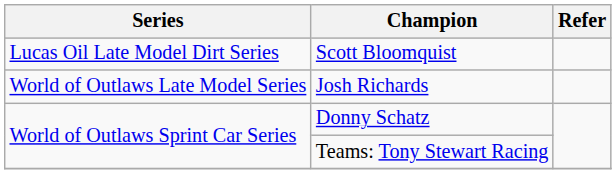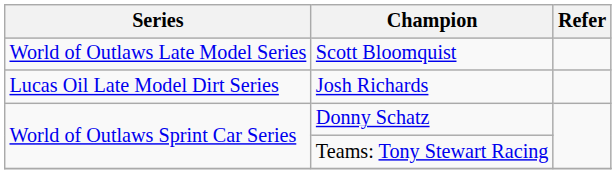 <table class="wikitable" style="font-size:87%;">
 <tr>
 <th>Series</th>
 <th>Champion</th>
 <th>Refer</th>
 </tr>
 <tr>
-<td><a href='#'>Lucas Oil Late Model Dirt Series</a></td>
+<td><a href='#'>World of Outlaws Late Model Series</a></td>
 <td> <a href='#'>Scott Bloomquist</a></td>
 <td></td>
 </tr>
 <tr>
-<td><a href='#'>World of Outlaws Late Model Series</a></td>
+<td><a href='#'>Lucas Oil Late Model Dirt Series</a></td>
 <td> <a href='#'>Josh Richards</a></td>
 <td></td>
 </tr>
 <tr>
 <td rowspan=2><a href='#'>World of Outlaws Sprint Car Series</a></td>
 <td> <a href='#'>Donny Schatz</a></td>
 <td rowspan=2></td>
 </tr>
 <tr>
 <td>Teams:  <a href='#'>Tony Stewart Racing</a></td>
 </tr>
 <tr>
 </tr>
 </table>
